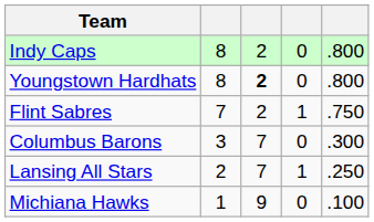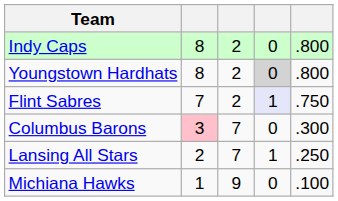 <table class="wikitable" style="font-size:95%; text-align:center">
 <tr>
 <th>Team</th>
 <th width="25"></th>
 <th width="25"></th>
 <th width="25"></th>
 <th width="30"></th>
 </tr>
 <tr style="background:#cfc;">
 <td style="text-align:left;"><a href='#'>Indy Caps</a></td>
 <td>8</td>
 <td>2</td>
 <td>0</td>
 <td>.800</td>
 </tr>
 <tr>
 <td style="text-align:left;"><a href='#'>Youngstown Hardhats</a></td>
 <td>8</td>
-<td><strong>2</strong></td>
-<td>0</td>
+<td>2</td>
+<td style="background: lightgrey;">0</td>
 <td>.800</td>
 </tr>
 <tr>
 <td style="text-align:left;"><a href='#'>Flint Sabres</a></td>
 <td>7</td>
 <td>2</td>
-<td>1</td>
+<td style="background: lavender;">1</td>
 <td>.750</td>
 </tr>
 <tr>
 <td style="text-align:left;"><a href='#'>Columbus Barons</a></td>
-<td>3</td>
+<td style="background: pink;">3</td>
 <td>7</td>
 <td>0</td>
 <td>.300</td>
 </tr>
 <tr>
 <td style="text-align:left;"><a href='#'>Lansing All Stars</a></td>
 <td>2</td>
 <td>7</td>
 <td>1</td>
 <td>.250</td>
 </tr>
 <tr>
 <td style="text-align:left;"><a href='#'>Michiana Hawks</a></td>
 <td>1</td>
 <td>9</td>
 <td>0</td>
 <td>.100</td>
 </tr>
 </table>
